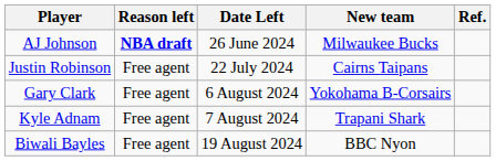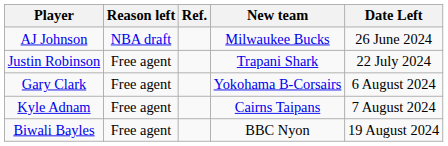 <table class="wikitable sortable sortable" style="text-align: center">
 <tr>
 <th>Player</th>
 <th>Reason left</th>
+<th>Ref.</th>
+<th>New team</th>
 <th>Date Left</th>
-<th>New team</th>
-<th>Ref.</th>
 </tr>
 <tr>
 <td><a href='#'>AJ Johnson</a></td>
-<td><strong><a href='#'>NBA draft</a></strong></td>
+<td><a href='#'>NBA draft</a></td>
+<td></td>
+<td><a href='#'>Milwaukee Bucks</a></td>
 <td>26 June 2024</td>
-<td><a href='#'>Milwaukee Bucks</a></td>
-<td></td>
 </tr>
 <tr>
 <td><a href='#'>Justin Robinson</a></td>
 <td>Free agent</td>
+<td></td>
+<td><a href='#'>Trapani Shark</a></td>
 <td>22 July 2024</td>
-<td><a href='#'>Cairns Taipans</a></td>
-<td></td>
 </tr>
 <tr>
 <td><a href='#'>Gary Clark</a></td>
 <td>Free agent</td>
+<td></td>
+<td><a href='#'>Yokohama B-Corsairs</a></td>
 <td>6 August 2024</td>
-<td><a href='#'>Yokohama B-Corsairs</a></td>
-<td></td>
 </tr>
 <tr>
 <td><a href='#'>Kyle Adnam</a></td>
 <td>Free agent</td>
+<td></td>
+<td><a href='#'>Cairns Taipans</a></td>
 <td>7 August 2024</td>
-<td><a href='#'>Trapani Shark</a></td>
-<td></td>
 </tr>
 <tr>
 <td><a href='#'>Biwali Bayles</a></td>
 <td>Free agent</td>
+<td></td>
+<td>BBC Nyon</td>
 <td>19 August 2024</td>
-<td>BBC Nyon</td>
-<td></td>
 </tr>
 </table>
